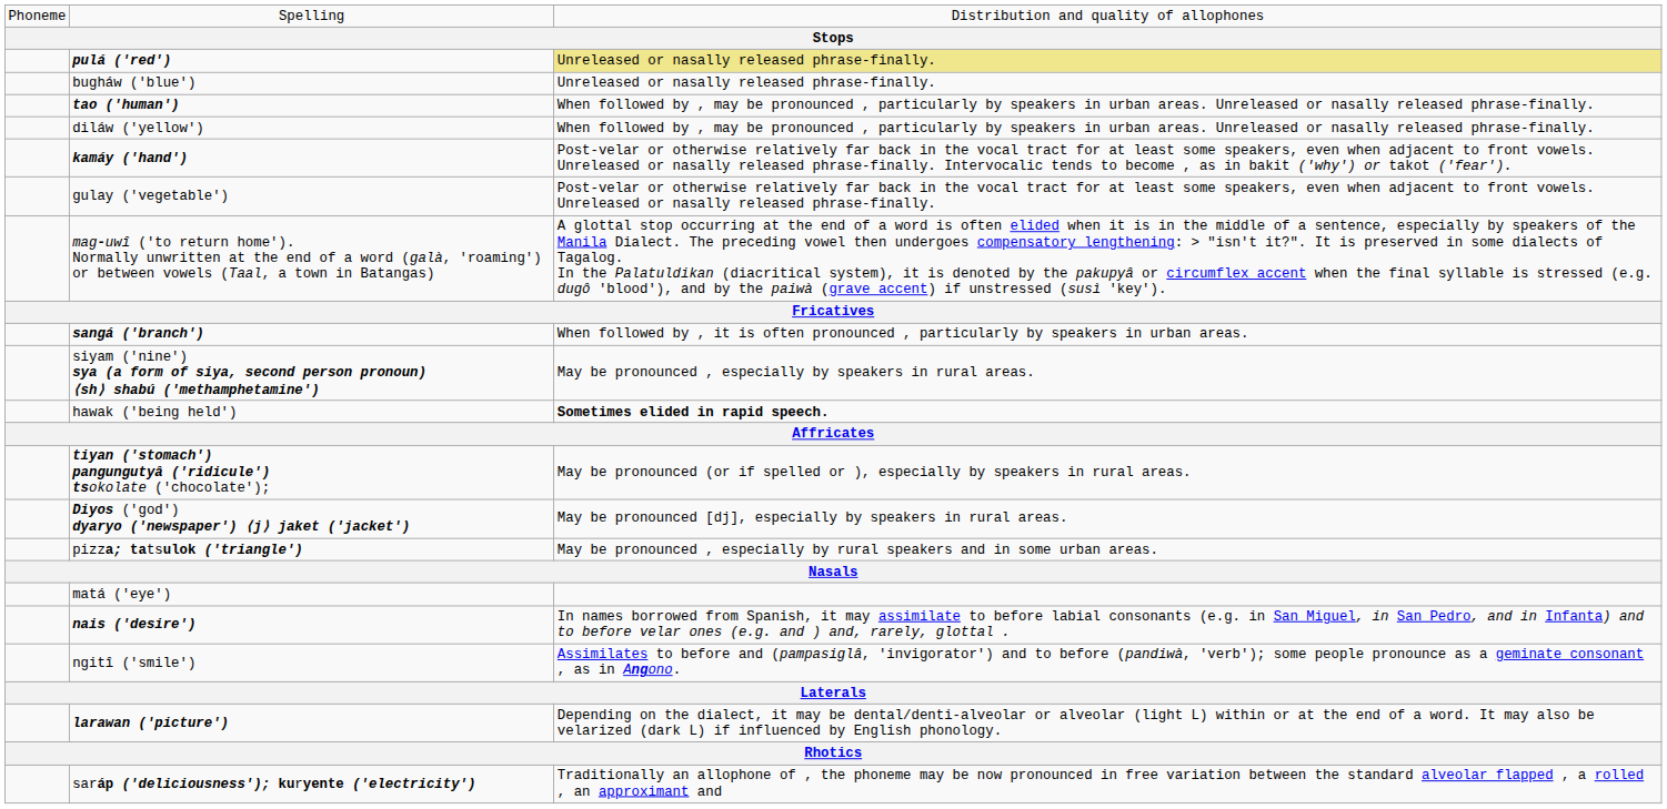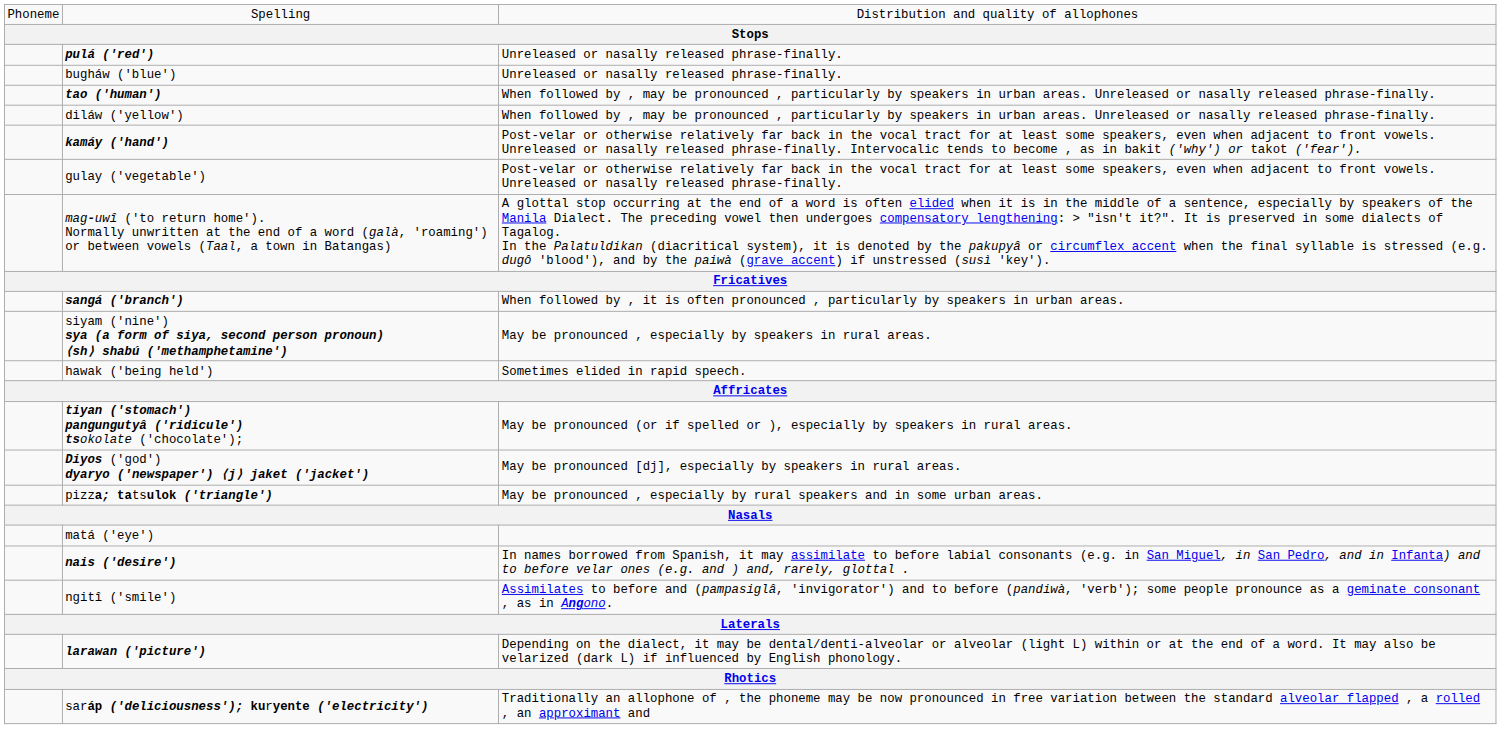 <table class="wikitable">
 <tr style="text-align: center;">
 <td>Phoneme</td>
 <td>Spelling</td>
 <td>Distribution and quality of allophones</td>
 </tr>
 <tr>
 <th colspan="4" style="text-align: center;"><strong>Stops</strong></th>
 </tr>
 <tr>
 <td></td>
 <td> <strong><em>p<strong>ulá<em> ('red')</td>
-<td style="background: khaki;">Unreleased or nasally released phrase-finally.</td>
+<td>Unreleased or nasally released phrase-finally.</td>
 </tr>
 <tr>
 <td></td>
 <td> </em></strong>b</strong>ugháw</em> ('blue')</td>
 <td>Unreleased or nasally released phrase-finally.</td>
 </tr>
 <tr>
 <td></td>
 <td> <strong><em>t<strong>ao<em> ('human')</td>
 <td>When followed by , may be pronounced , particularly by speakers in urban areas. Unreleased or nasally released phrase-finally.</td>
 </tr>
 <tr>
 <td></td>
 <td> </em></strong>d</strong>iláw</em> ('yellow')</td>
 <td>When followed by , may be pronounced , particularly by speakers in urban areas. Unreleased or nasally released phrase-finally.</td>
 </tr>
 <tr>
 <td></td>
 <td> <strong><em>k<strong>amáy<em> ('hand')</td>
 <td>Post-velar  or otherwise relatively far back in the vocal tract for at least some speakers, even when adjacent to front vowels. Unreleased or nasally released phrase-finally. Intervocalic  tends to become , as in </em>bakit<em> ('why') or </em>takot<em> ('fear').</td>
 </tr>
 <tr>
 <td></td>
 <td> </em></strong>g</strong>ulay</em> ('vegetable')</td>
 <td>Post-velar  or otherwise relatively far back in the vocal tract for at least some speakers, even when adjacent to front vowels. Unreleased or nasally released phrase-finally.</td>
 </tr>
 <tr>
 <td></td>
 <td> <em>mag<strong>-</strong>uwî</em> ('to return home'). <br>Normally unwritten at the end of a word (<em>galà</em>, 'roaming') or between vowels (<em>Taal</em>, a town in Batangas)</td>
 <td>A glottal stop occurring at the end of a word is often <a href='#'>elided</a> when it is in the middle of a sentence, especially by speakers of the <a href='#'>Manila</a> Dialect. The preceding vowel then undergoes <a href='#'>compensatory lengthening</a>:  >  "isn't it?". It is preserved in some dialects of Tagalog.<br>In the <em>Palatuldikan</em> (diacritical system), it is denoted by the <em>pakupyâ</em>  or  <a href='#'>circumflex accent</a> when the final syllable is stressed (e.g. <em>dugô</em> 'blood'), and by the <em>paiwà</em> (<a href='#'>grave accent</a>) if unstressed (<em>susì</em> 'key').</td>
 </tr>
 <tr>
 <th colspan="4" style="text-align: center;"><strong><a href='#'>Fricatives</a></strong></th>
 </tr>
 <tr>
 <td></td>
 <td> <strong><em>s<strong>angá<em> ('branch')</td>
 <td>When followed by , it is often pronounced , particularly by speakers in urban areas.</td>
 </tr>
 <tr>
 <td></td>
 <td> </em></strong>siy</strong>am</em> ('nine')<br> <strong><em>sy<strong>a<em> (a form of </em>siya<em>, second person pronoun)<br>⟨sh⟩ </em></strong>sh<strong><em>abú ('methamphetamine')</td>
 <td>May be pronounced , especially by speakers in rural areas.</td>
 </tr>
 <tr>
 <td></td>
 <td> </em></strong>h</strong>awak</em> ('being held')</td>
-<td><strong>Sometimes elided in rapid speech.</strong></td>
+<td>Sometimes elided in rapid speech.</td>
 </tr>
 <tr>
 <th colspan="4" style="text-align: center;"><strong><a href='#'>Affricates</a></strong></th>
 </tr>
 <tr>
 <td></td>
 <td> <strong><em>tiy<strong>an<em> ('stomach')<br> </em>pangungu</strong>ty<strong>â<em> ('ridicule')<br> </em></strong>ts</strong>okolate</em> ('chocolate');</td>
 <td>May be pronounced  (or  if spelled  or ), especially by speakers in rural areas.</td>
 </tr>
 <tr>
 <td></td>
 <td> <strong><em>Diyos</em></strong> ('god')<br> <strong><em>dy<strong>aryo<em> ('newspaper') ⟨j⟩ </em></strong>j<strong><em>aket ('jacket')</td>
 <td>May be pronounced [dj], especially by speakers in rural areas.</td>
 </tr>
 <tr>
 <td></td>
 <td> </em>pi</strong>zz<strong>a<em>;  </em>ta</strong>ts<strong>ulok<em> ('triangle')</td>
 <td>May be pronounced , especially by rural speakers and in some urban areas.</td>
 </tr>
 <tr>
 <th colspan="4" style="text-align: center;"></strong><a href='#'>Nasals</a><strong></th>
 </tr>
 <tr>
 <td></td>
 <td> </em></strong>m</strong>atá</em> ('eye')</td>
 <td></td>
 </tr>
 <tr>
 <td></td>
 <td> <strong><em>n<strong>ais<em> ('desire')</td>
 <td>In names borrowed from Spanish, it may <a href='#'>assimilate</a> to  before labial consonants (e.g.  in </em><a href='#'>San Miguel</a><em>,  in </em><a href='#'>San Pedro</a><em>, and   in </em><a href='#'>Infanta</a><em>) and to  before velar ones (e.g.  and ) and, rarely, glottal .</td>
 </tr>
 <tr>
 <td></td>
 <td> </em></strong>ng</strong>itî</em> ('smile')</td>
 <td><a href='#'>Assimilates</a> to  before  and  (<em>pampasiglâ</em>, 'invigorator') and to  before  (<em>pandiwà</em>, 'verb'); some people pronounce  as a <a href='#'>geminate consonant</a> , as in <em><a href='#'>A<strong>ng</strong>ono</a></em>.</td>
 </tr>
 <tr>
 <th colspan="4" style="text-align: center;"><strong><a href='#'>Laterals</a></strong></th>
 </tr>
 <tr>
 <td></td>
 <td> <strong><em>l<strong>arawan<em> ('picture')</td>
 <td>Depending on the dialect, it may be dental/denti-alveolar or alveolar (light L) within or at the end of a word. It may also be velarized (dark L) if influenced by English phonology.</td>
 </tr>
 <tr>
 <th colspan="4" style="text-align: center;"></strong><a href='#'>Rhotics</a><strong></th>
 </tr>
 <tr>
 <td></td>
 <td> </em>sa</strong>r<strong>áp<em> ('deliciousness'); </em>ku</strong>r<strong>yente<em> ('electricity')</td>
 <td>Traditionally an allophone of , the  phoneme may be now pronounced in free variation between the standard <a href='#'>alveolar flapped</a> , a <a href='#'>rolled</a> , an <a href='#'>approximant</a>  and </td>
 </tr>
 </table>
